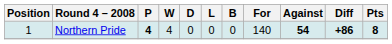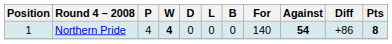 <table class="wikitable" style="text-align:center; font-size:85%;">
 <tr>
 <th width=40 abbr="Position">Position</th>
 <th width=100>Round 4 – 2008</th>
 <th width=20 abbr="Played">P</th>
 <th width=20 abbr="Won">W</th>
 <th width=20 abbr="Drawn">D</th>
 <th width=20 abbr="Lost">L</th>
 <th width=20 abbr="Bye">B</th>
 <th width=40 abbr="Points for">For</th>
 <th width=40 abbr="Points against">Against</th>
 <th width=40 abbr="Points difference">Diff</th>
 <th width=25 abbr="Points">Pts</th>
 </tr>
 <tr style="background: #d7ebed;">
 <td>1</td>
 <td style="text-align:left;"> <a href='#'>Northern Pride</a></td>
+<td>4</td>
 <td><strong>4</strong></td>
-<td>4</td>
 <td>0</td>
 <td>0</td>
 <td>0</td>
 <td>140</td>
 <td><strong>54</strong></td>
-<td><strong>+86</strong></td>
+<td>+86</td>
 <td><strong>8</strong></td>
 </tr>
 <tr>
 </tr>
 </table>
